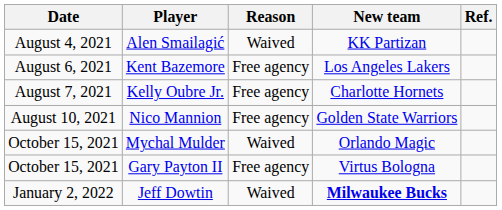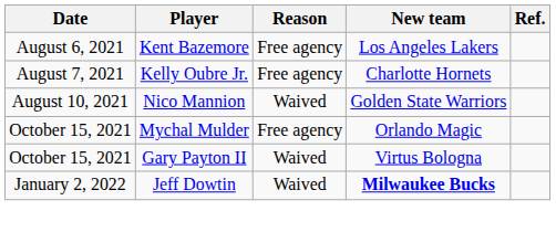 <table class="wikitable sortable sortable" style="text-align: center">
 <tr>
 <th>Date</th>
 <th>Player</th>
 <th>Reason</th>
 <th>New team</th>
 <th>Ref.</th>
-</tr>
-<tr>
-<td>August 4, 2021</td>
-<td><a href='#'>Alen Smailagić</a></td>
-<td>Waived</td>
-<td> <a href='#'>KK Partizan</a></td>
-<td></td>
 </tr>
 <tr>
 <td>August 6, 2021</td>
 <td><a href='#'>Kent Bazemore</a></td>
 <td>Free agency</td>
 <td><a href='#'>Los Angeles Lakers</a></td>
 <td></td>
 </tr>
 <tr>
 <td>August 7, 2021</td>
 <td><a href='#'>Kelly Oubre Jr.</a></td>
 <td>Free agency</td>
 <td><a href='#'>Charlotte Hornets</a></td>
 <td></td>
 </tr>
 <tr>
 <td>August 10, 2021</td>
 <td><a href='#'>Nico Mannion</a></td>
-<td>Free agency</td>
+<td>Waived</td>
 <td><a href='#'>Golden State Warriors</a></td>
 <td></td>
 </tr>
 <tr>
 <td>October 15, 2021</td>
 <td><a href='#'>Mychal Mulder</a></td>
-<td>Waived</td>
+<td>Free agency</td>
 <td><a href='#'>Orlando Magic</a></td>
 <td></td>
 </tr>
 <tr>
 <td>October 15, 2021</td>
 <td><a href='#'>Gary Payton II</a></td>
-<td>Free agency</td>
+<td>Waived</td>
 <td> <a href='#'>Virtus Bologna</a></td>
 <td></td>
 </tr>
 <tr>
 <td>January 2, 2022</td>
 <td><a href='#'>Jeff Dowtin</a></td>
 <td>Waived</td>
 <td><strong><a href='#'>Milwaukee Bucks</a></strong></td>
 <td></td>
 </tr>
 </table>
